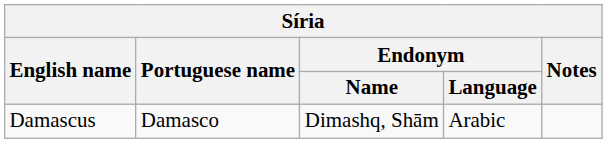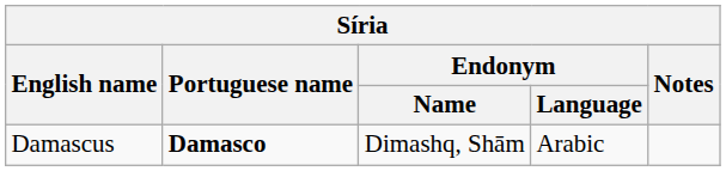 <table class="wikitable sortable">
 <tr>
 <th colspan="5"> Síria</th>
 </tr>
 <tr>
 <th rowspan="2">English name</th>
 <th rowspan="2">Portuguese name</th>
 <th colspan="2">Endonym</th>
 <th rowspan="2">Notes</th>
 </tr>
 <tr>
 <th>Name</th>
 <th>Language</th>
 </tr>
 <tr>
 <td>Damascus</td>
-<td>Damasco</td>
+<td><strong>Damasco</strong></td>
 <td>Dimashq, Shām</td>
 <td>Arabic</td>
 <td></td>
 </tr>
 </table>
